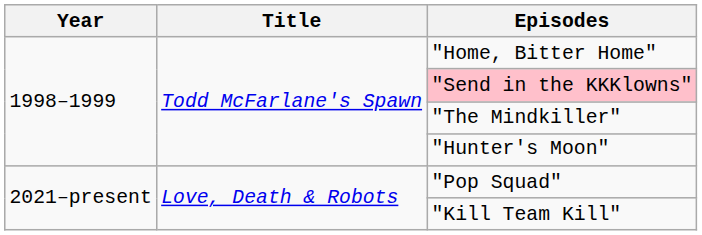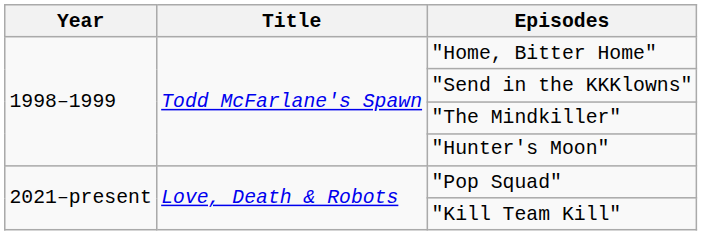 <table class="wikitable">
 <tr>
 <th>Year</th>
 <th>Title</th>
 <th>Episodes</th>
 </tr>
 <tr>
 <td rowspan=4>1998–1999</td>
 <td rowspan=4><em><a href='#'>Todd McFarlane's Spawn</a></em></td>
 <td>"Home, Bitter Home"</td>
 </tr>
 <tr>
-<td style="background: pink;">"Send in the KKKlowns"</td>
+<td>"Send in the KKKlowns"</td>
 </tr>
 <tr>
 <td>"The Mindkiller"</td>
 </tr>
 <tr>
 <td>"Hunter's Moon"</td>
 </tr>
 <tr>
 <td rowspan=2>2021–present</td>
 <td rowspan=2><em><a href='#'>Love, Death & Robots</a></em></td>
 <td>"Pop Squad"</td>
 </tr>
 <tr>
 <td>"Kill Team Kill"</td>
 </tr>
 </table>
